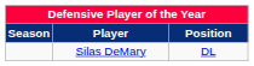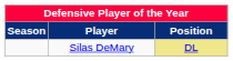 <table class="wikitable sortable" style="text-align:center">
 <tr>
 <td colspan="4" style="background:#FF003F; color:white;"><strong>Defensive Player of the Year</strong></td>
 </tr>
 <tr>
 <th style="width:50px; background:#072D77; color:white;">Season</th>
 <th style="width:150px; background:#072D77; color:white;">Player</th>
 <th style="width:100px; background:#072D77; color:white;">Position</th>
 </tr>
 <tr>
 <td></td>
 <td><a href='#'>Silas DeMary</a></td>
-<td><a href='#'>DL</a></td>
+<td style="background: khaki;"><a href='#'>DL</a></td>
 </tr>
 </table>
